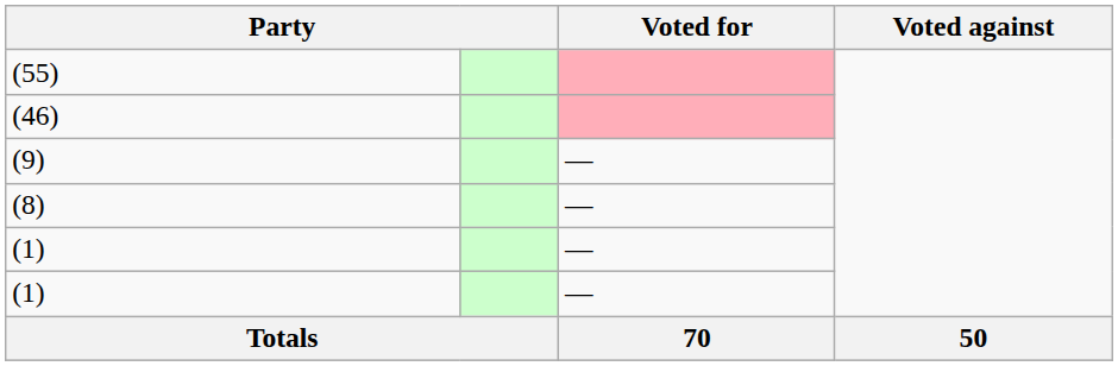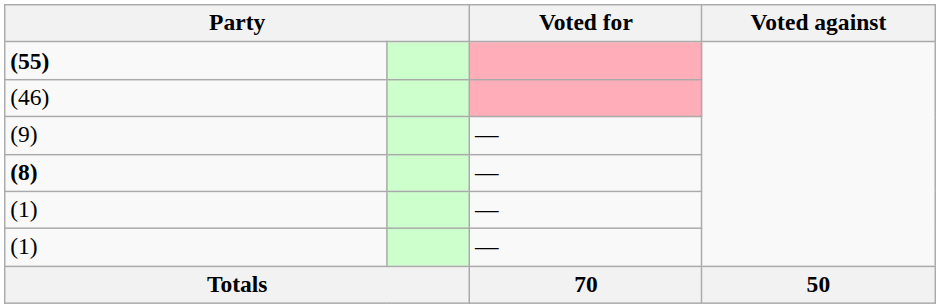 <table class="wikitable" style="width:40%;">
 <tr>
 <th style="width:20%;" colspan="2">Party</th>
 <th style="width:10%;">Voted for</th>
 <th style="width:10%;">Voted against</th>
 </tr>
 <tr>
-<td> (55)</td>
+<td><strong> (55)</strong></td>
 <td style="background-color:#CCFFCC;"></td>
 <td style="background-color:#FFAEB9;"></td>
 </tr>
 <tr>
 <td> (46)</td>
 <td style="background-color:#CCFFCC;"></td>
 <td style="background-color:#FFAEB9;"></td>
 </tr>
 <tr>
 <td> (9)</td>
 <td style="background-color:#CCFFCC;"></td>
 <td>—</td>
 </tr>
 <tr>
-<td> (8)</td>
+<td><strong> (8)</strong></td>
 <td style="background-color:#CCFFCC;"></td>
 <td>—</td>
 </tr>
 <tr>
 <td> (1)</td>
 <td style="background-color:#CCFFCC;"></td>
 <td>—</td>
 </tr>
 <tr>
 <td> (1)</td>
 <td style="background-color:#CCFFCC;"></td>
 <td>—</td>
 </tr>
 <tr>
 <th colspan=2>Totals</th>
 <th>70</th>
 <th>50</th>
 </tr>
 </table>
